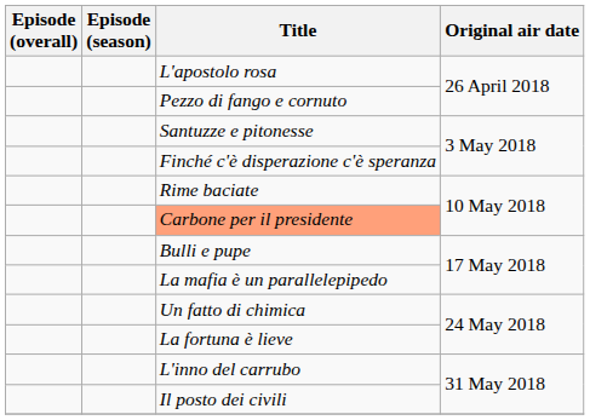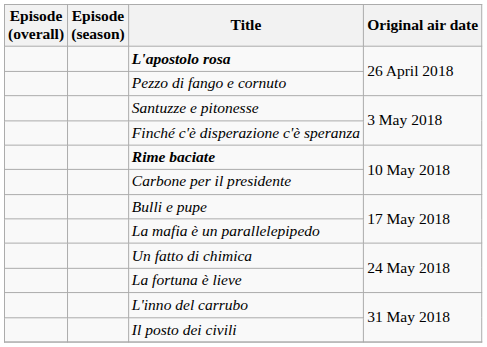 <table class="wikitable">
 <tr>
 <th>Episode <br> (overall)</th>
 <th>Episode <br> (season)</th>
 <th>Title</th>
 <th>Original air date</th>
 </tr>
 <tr>
 <td></td>
 <td></td>
-<td><em>L'apostolo rosa</em></td>
+<td><strong><em>L'apostolo rosa</em></strong></td>
 <td rowspan="2">26 April 2018</td>
 </tr>
 <tr>
 <td></td>
 <td></td>
 <td><em>Pezzo di fango e cornuto</em></td>
 </tr>
 <tr>
 <td></td>
 <td></td>
 <td><em>Santuzze e pitonesse</em></td>
 <td rowspan="2">3 May 2018</td>
 </tr>
 <tr>
 <td></td>
 <td></td>
 <td><em>Finché c'è disperazione c'è speranza</em></td>
 </tr>
 <tr>
 <td></td>
 <td></td>
-<td><em>Rime baciate</em></td>
+<td><strong><em>Rime baciate</em></strong></td>
 <td rowspan="2">10 May 2018</td>
 </tr>
 <tr>
 <td></td>
 <td></td>
-<td style="background: lightsalmon;"><em>Carbone per il presidente</em></td>
+<td><em>Carbone per il presidente</em></td>
 </tr>
 <tr>
 <td></td>
 <td></td>
 <td><em>Bulli e pupe</em></td>
 <td rowspan="2">17 May 2018</td>
 </tr>
 <tr>
 <td></td>
 <td></td>
 <td><em>La mafia è un parallelepipedo</em></td>
 </tr>
 <tr>
 <td></td>
 <td></td>
 <td><em>Un fatto di chimica</em></td>
 <td rowspan="2">24 May 2018</td>
 </tr>
 <tr>
 <td></td>
 <td></td>
 <td><em>La fortuna è lieve</em></td>
 </tr>
 <tr>
 <td></td>
 <td></td>
 <td><em>L'inno del carrubo</em></td>
 <td rowspan="2">31 May 2018</td>
 </tr>
 <tr>
 <td></td>
 <td></td>
 <td><em>Il posto dei civili</em></td>
 </tr>
 <tr>
 </tr>
 </table>
